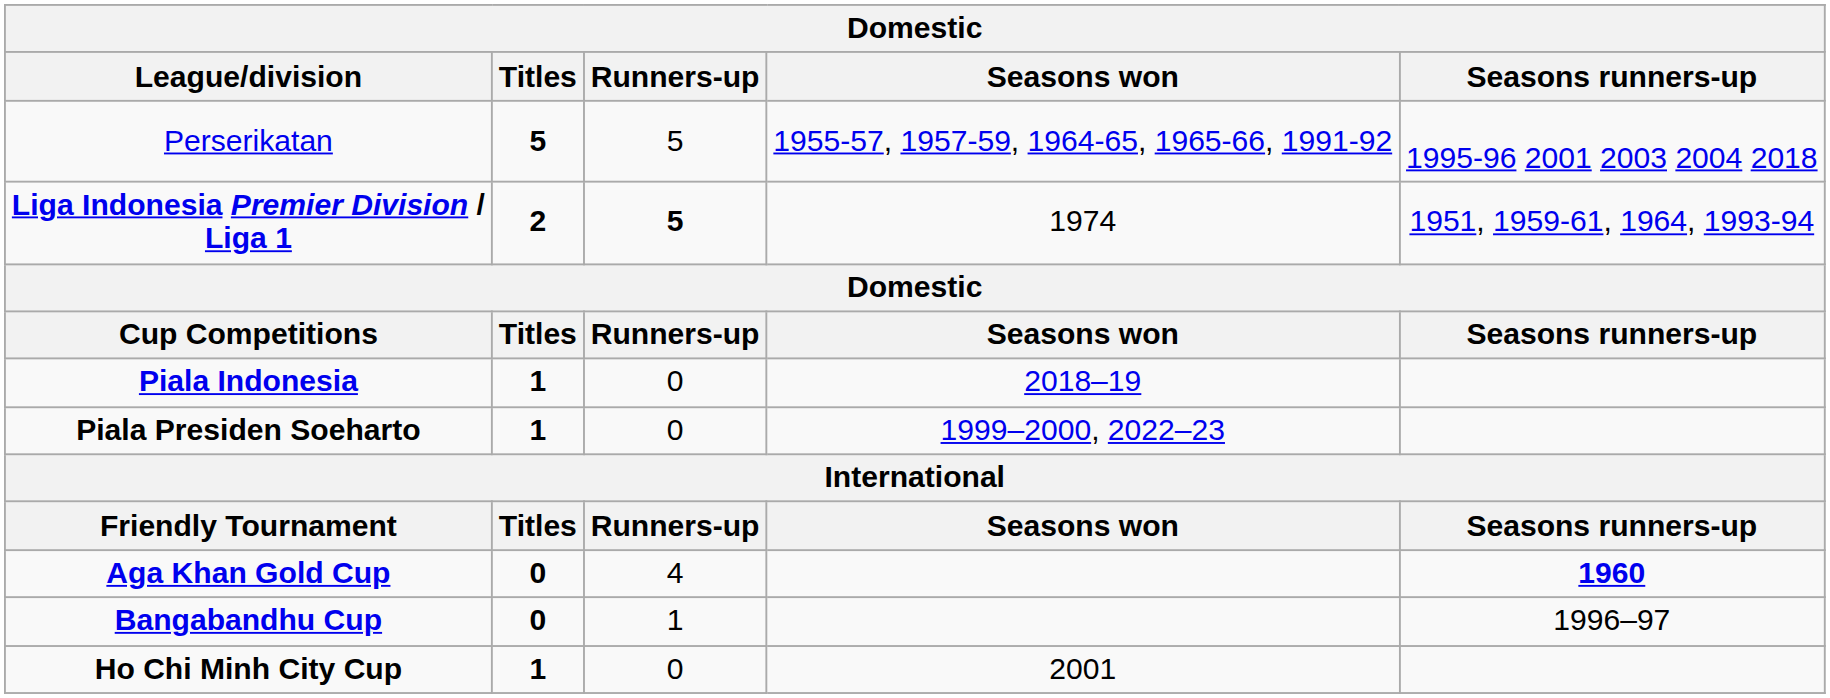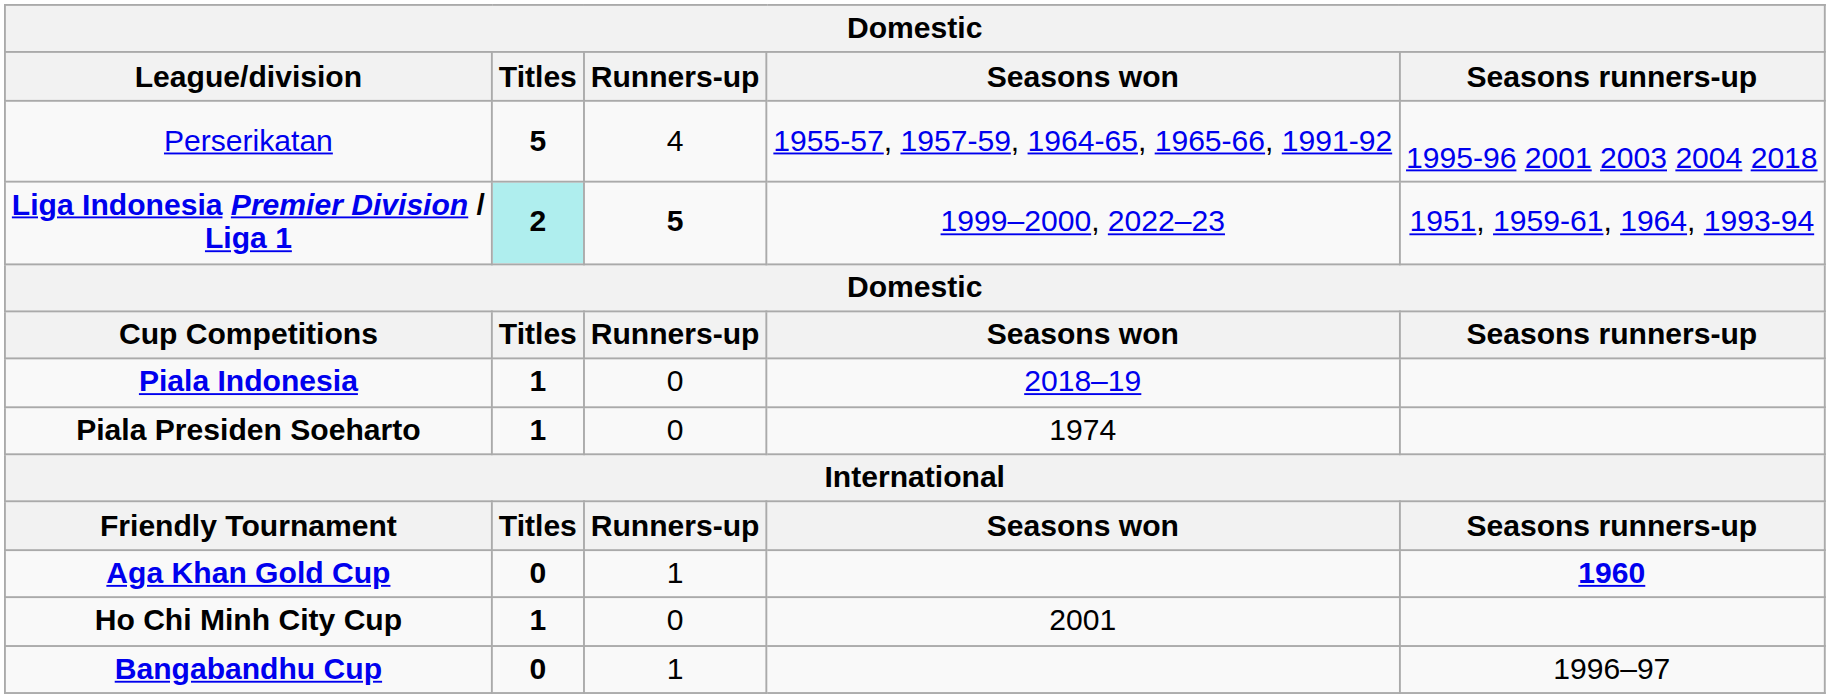 <table class="wikitable">
 <tr>
 <th colspan="5">Domestic</th>
 </tr>
 <tr>
 <th>League/division</th>
 <th>Titles</th>
 <th style="text-align:center"><strong>Runners-up</strong></th>
 <th>Seasons won</th>
 <th>Seasons runners-up</th>
 </tr>
 <tr>
 <td style="text-align:center"><a href='#'>Perserikatan</a></td>
 <td style="text-align:center"><strong>5</strong></td>
-<td style="text-align:center">5</td>
+<td style="text-align:center">4</td>
 <td style="text-align:center"><a href='#'>1955-57</a>, <a href='#'>1957-59</a>, <a href='#'>1964-65</a>, <a href='#'>1965-66</a>, <a href='#'>1991-92</a></td>
 <td style="text-align:center"><br><a href='#'>1995-96</a> <a href='#'>2001</a> <a href='#'>2003</a> <a href='#'>2004</a> <a href='#'>2018</a></td>
 </tr>
 <tr>
 <td style="text-align:center"><strong><a href='#'>Liga Indonesia</a> <em><a href='#'>Premier Division</a></em> /</strong><br><a href='#'><strong>Liga 1</strong></a></td>
-<td style="text-align:center"><strong>2</strong></td>
+<td style="background: paleturquoise; text-align:center"><strong>2</strong></td>
 <td style="text-align:center"><strong>5</strong></td>
-<td style="text-align:center">1974</td>
+<td style="text-align:center"><a href='#'>1999–2000</a>, <a href='#'>2022–23</a></td>
 <td style="text-align:center"><a href='#'>1951</a>, <a href='#'>1959-61</a>, <a href='#'>1964</a>, <a href='#'>1993-94</a></td>
 </tr>
 <tr>
 <th colspan="5">Domestic</th>
 </tr>
 <tr>
 <th>Cup Competitions</th>
 <th>Titles</th>
 <th style="text-align:center"><strong>Runners-up</strong></th>
 <th>Seasons won</th>
 <th>Seasons runners-up</th>
 </tr>
 <tr>
 <td style="text-align:center"><strong><a href='#'>Piala Indonesia</a></strong></td>
 <td style="text-align:center"><strong>1</strong></td>
 <td style="text-align:center">0</td>
 <td style="text-align:center"><a href='#'>2018–19</a></td>
 <td></td>
 </tr>
 <tr>
 <td style="text-align:center"><strong>Piala Presiden Soeharto</strong></td>
 <td style="text-align:center"><strong>1</strong></td>
 <td style="text-align:center">0</td>
-<td style="text-align:center"><a href='#'>1999–2000</a>, <a href='#'>2022–23</a></td>
+<td style="text-align:center">1974</td>
 <td></td>
 </tr>
 <tr>
 <th colspan="5">International</th>
 </tr>
 <tr>
 <th>Friendly Tournament</th>
 <th>Titles</th>
 <th style="text-align:center"><strong>Runners-up</strong></th>
 <th>Seasons won</th>
 <th>Seasons runners-up</th>
 </tr>
 <tr>
 <td style="text-align:center"><strong><a href='#'>Aga Khan Gold Cup</a></strong></td>
 <td style="text-align:center"><strong>0</strong></td>
-<td style="text-align:center">4</td>
+<td style="text-align:center">1</td>
 <td></td>
 <td style="text-align:center"><strong><a href='#'>1960</a></strong></td>
+</tr>
+<tr>
+<td style="text-align:center"><strong>Ho Chi Minh City Cup</strong></td>
+<td style="text-align:center"><strong>1</strong></td>
+<td style="text-align:center">0</td>
+<td style="text-align:center">2001</td>
+<td></td>
 </tr>
 <tr>
 <td style="text-align:center"><strong><a href='#'>Bangabandhu Cup</a></strong></td>
 <td style="text-align:center"><strong>0</strong></td>
 <td style="text-align:center">1</td>
 <td style="text-align:center"></td>
 <td style="text-align:center">1996–97</td>
 </tr>
-<tr>
-<td style="text-align:center"><strong>Ho Chi Minh City Cup</strong></td>
-<td style="text-align:center"><strong>1</strong></td>
-<td style="text-align:center">0</td>
-<td style="text-align:center">2001</td>
-<td></td>
-</tr>
 </table>
